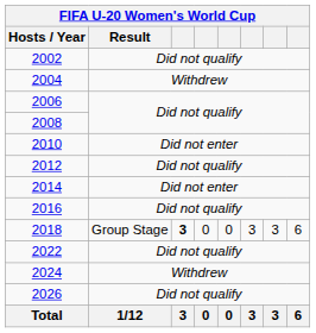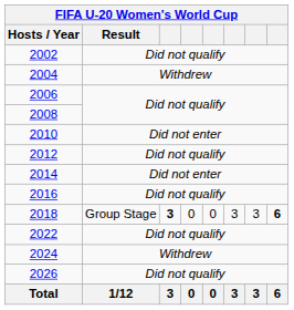 <table class="wikitable" style="text-align: center;">
 <tr>
 <th colspan=9><a href='#'>FIFA U-20 Women's World Cup</a></th>
 </tr>
 <tr>
 <th>Hosts / Year</th>
 <th>Result</th>
 <th width=20></th>
 <th width=20></th>
 <th width=20></th>
 <th width=20></th>
 <th width=20></th>
 <th width=20></th>
 </tr>
 <tr>
 <td> <a href='#'>2002</a></td>
 <td colspan=8><em>Did not qualify</em></td>
 </tr>
 <tr>
 <td> <a href='#'>2004</a></td>
 <td colspan=8><em>Withdrew</em></td>
 </tr>
 <tr>
 <td> <a href='#'>2006</a></td>
 <td rowspan=2 colspan=8><em>Did not qualify</em></td>
 </tr>
 <tr>
 <td> <a href='#'>2008</a></td>
 </tr>
 <tr>
 <td> <a href='#'>2010</a></td>
 <td colspan=8><em>Did not enter</em></td>
 </tr>
 <tr>
 <td> <a href='#'>2012</a></td>
 <td colspan=8><em>Did not qualify</em></td>
 </tr>
 <tr>
 <td> <a href='#'>2014</a></td>
 <td colspan=8><em>Did not enter</em></td>
 </tr>
 <tr>
 <td> <a href='#'>2016</a></td>
 <td colspan=8><em>Did not qualify</em></td>
 </tr>
 <tr>
 <td> <a href='#'>2018</a></td>
 <td colspan=1>Group Stage</td>
 <td><strong>3</strong></td>
 <td>0</td>
 <td>0</td>
 <td>3</td>
 <td>3</td>
-<td>6</td>
+<td><strong>6</strong></td>
 </tr>
 <tr>
 <td> <a href='#'>2022</a></td>
 <td colspan=8><em>Did not qualify</em></td>
 </tr>
 <tr>
 <td> <a href='#'>2024</a></td>
 <td colspan=8><em>Withdrew</em></td>
 </tr>
 <tr>
 <td> <a href='#'>2026</a></td>
 <td colspan=7><em>Did not qualify</em></td>
 </tr>
 <tr>
 <th>Total</th>
 <th>1/12</th>
 <th>3</th>
 <th>0</th>
 <th>0</th>
 <th>3</th>
 <th>3</th>
 <th>6</th>
 </tr>
 </table>
